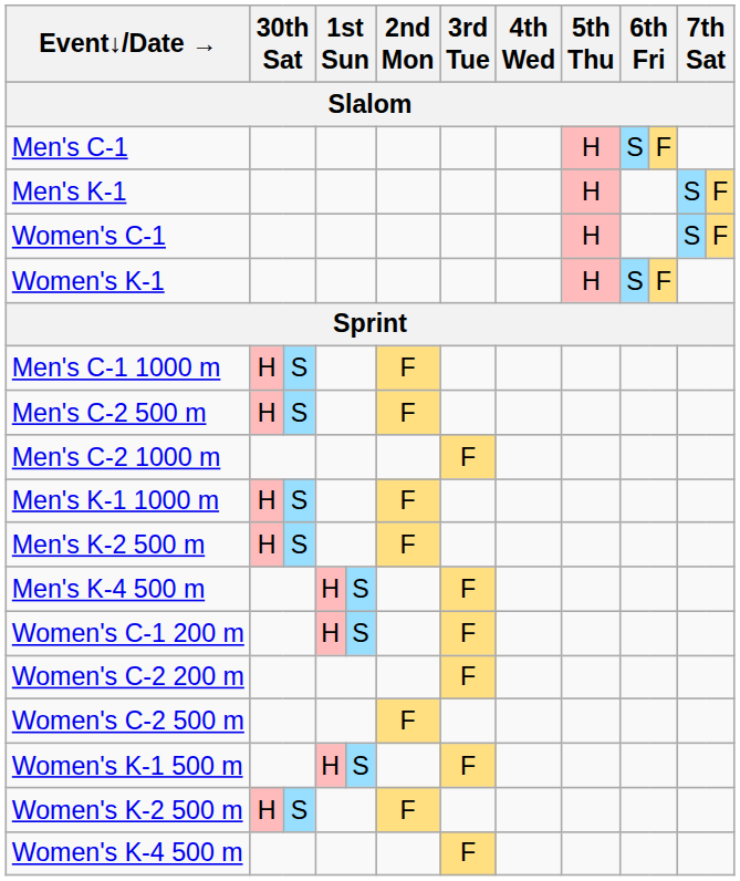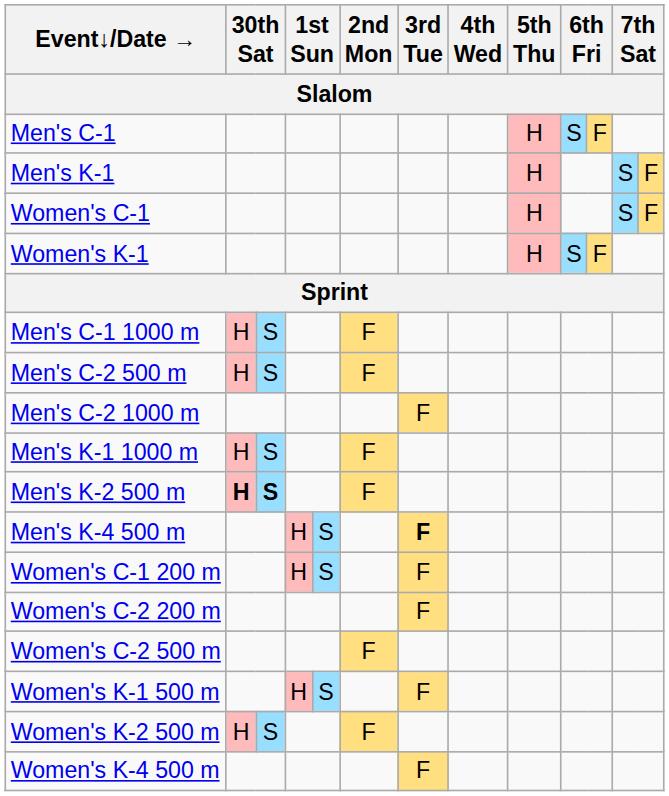 <table class="wikitable" style="margin:0.5em auto; font-size:90%; line-height:1.25em; text-align:center;">
 <tr>
 <th>Event↓/Date →</th>
 <th colspan=2>30th<br>Sat</th>
 <th colspan=2>1st<br>Sun</th>
 <th>2nd<br>Mon</th>
 <th>3rd<br>Tue</th>
 <th>4th<br>Wed</th>
 <th>5th<br>Thu</th>
 <th colspan=2>6th<br>Fri</th>
 <th colspan=2>7th<br>Sat</th>
 </tr>
 <tr>
 <th colspan=17>Slalom</th>
 </tr>
 <tr>
 <td align="left"><a href='#'>Men's C-1</a></td>
 <td colspan=2></td>
 <td colspan=2></td>
 <td></td>
 <td></td>
 <td></td>
 <td bgcolor="#FFBBBB">H</td>
 <td bgcolor="#97DEFF">S</td>
 <td bgcolor="#FFDF80">F</td>
 <td colspan=2></td>
 </tr>
 <tr>
 <td align="left"><a href='#'>Men's K-1</a></td>
 <td colspan=2></td>
 <td colspan=2></td>
 <td></td>
 <td></td>
 <td></td>
 <td bgcolor="#FFBBBB">H</td>
 <td colspan=2></td>
 <td bgcolor="#97DEFF">S</td>
 <td bgcolor="#FFDF80">F</td>
 </tr>
 <tr>
 <td align="left"><a href='#'>Women's C-1</a></td>
 <td colspan=2></td>
 <td colspan=2></td>
 <td></td>
 <td></td>
 <td></td>
 <td bgcolor="#FFBBBB">H</td>
 <td colspan=2></td>
 <td bgcolor="#97DEFF">S</td>
 <td bgcolor="#FFDF80">F</td>
 </tr>
 <tr>
 <td align="left"><a href='#'>Women's K-1</a></td>
 <td colspan=2></td>
 <td colspan=2></td>
 <td></td>
 <td></td>
 <td></td>
 <td bgcolor="#FFBBBB">H</td>
 <td bgcolor="#97DEFF">S</td>
 <td bgcolor="#FFDF80">F</td>
 <td colspan=2></td>
 </tr>
 <tr>
 <th colspan=17>Sprint</th>
 </tr>
 <tr>
 <td align="left"><a href='#'>Men's C-1 1000 m</a></td>
 <td bgcolor="#FFBBBB">H</td>
 <td bgcolor="#97DEFF">S</td>
 <td colspan=2></td>
 <td bgcolor="#FFDF80">F</td>
 <td></td>
 <td></td>
 <td></td>
 <td colspan=2></td>
 <td colspan=2></td>
 </tr>
 <tr>
 <td align="left"><a href='#'>Men's C-2 500 m</a></td>
 <td bgcolor="#FFBBBB">H</td>
 <td bgcolor="#97DEFF">S</td>
 <td colspan=2></td>
 <td bgcolor="#FFDF80">F</td>
 <td></td>
 <td></td>
 <td></td>
 <td colspan=2></td>
 <td colspan=2></td>
 </tr>
 <tr>
 <td align="left"><a href='#'>Men's C-2 1000 m</a></td>
 <td colspan=2></td>
 <td colspan=2></td>
 <td></td>
 <td bgcolor="#FFDF80">F</td>
 <td></td>
 <td></td>
 <td colspan=2></td>
 <td colspan=2></td>
 </tr>
 <tr>
 <td align="left"><a href='#'>Men's K-1 1000 m</a></td>
 <td bgcolor="#FFBBBB">H</td>
 <td bgcolor="#97DEFF">S</td>
 <td colspan=2></td>
 <td bgcolor="#FFDF80">F</td>
 <td></td>
 <td></td>
 <td></td>
 <td colspan=2></td>
 <td colspan=2></td>
 </tr>
 <tr>
 <td align="left"><a href='#'>Men's K-2 500 m</a></td>
-<td bgcolor="#FFBBBB">H</td>
-<td bgcolor="#97DEFF">S</td>
+<td bgcolor="#FFBBBB"><strong>H</strong></td>
+<td bgcolor="#97DEFF"><strong>S</strong></td>
 <td colspan=2></td>
 <td bgcolor="#FFDF80">F</td>
 <td></td>
 <td></td>
 <td></td>
 <td colspan=2></td>
 <td colspan=2></td>
 </tr>
 <tr>
 <td align="left"><a href='#'>Men's K-4 500 m</a></td>
 <td colspan=2></td>
 <td bgcolor="#FFBBBB">H</td>
 <td bgcolor="#97DEFF">S</td>
 <td></td>
-<td bgcolor="#FFDF80">F</td>
+<td bgcolor="#FFDF80"><strong>F</strong></td>
 <td></td>
 <td></td>
 <td colspan=2></td>
 <td colspan=2></td>
 </tr>
 <tr>
 <td align="left"><a href='#'>Women's C-1 200 m</a></td>
 <td colspan=2></td>
 <td bgcolor="#FFBBBB">H</td>
 <td bgcolor="#97DEFF">S</td>
 <td></td>
 <td bgcolor="#FFDF80">F</td>
 <td></td>
 <td></td>
 <td colspan=2></td>
 <td colspan=2></td>
 </tr>
 <tr>
 <td align="left"><a href='#'>Women's C-2 200 m</a></td>
 <td colspan=2></td>
 <td colspan=2></td>
 <td></td>
 <td bgcolor="#FFDF80">F</td>
 <td></td>
 <td></td>
 <td colspan=2></td>
 <td colspan=2></td>
 </tr>
 <tr>
 <td align="left"><a href='#'>Women's C-2 500 m</a></td>
 <td colspan=2></td>
 <td colspan=2></td>
 <td bgcolor="#FFDF80">F</td>
 <td></td>
 <td></td>
 <td></td>
 <td colspan=2></td>
 <td colspan=2></td>
 </tr>
 <tr>
 <td align="left"><a href='#'>Women's K-1 500 m</a></td>
 <td colspan=2></td>
 <td bgcolor="#FFBBBB">H</td>
 <td bgcolor="#97DEFF">S</td>
 <td></td>
 <td bgcolor="#FFDF80">F</td>
 <td></td>
 <td></td>
 <td colspan=2></td>
 <td colspan=2></td>
 </tr>
 <tr>
 <td align="left"><a href='#'>Women's K-2 500 m</a></td>
 <td bgcolor="#FFBBBB">H</td>
 <td bgcolor="#97DEFF">S</td>
 <td colspan=2></td>
 <td bgcolor="#FFDF80">F</td>
 <td></td>
 <td></td>
 <td></td>
 <td colspan=2></td>
 <td colspan=2></td>
 </tr>
 <tr>
 <td align="left"><a href='#'>Women's K-4 500 m</a></td>
 <td colspan=2></td>
 <td colspan=2></td>
 <td></td>
 <td bgcolor="#FFDF80">F</td>
 <td></td>
 <td></td>
 <td colspan=2></td>
 <td colspan=2></td>
 </tr>
 </table>
